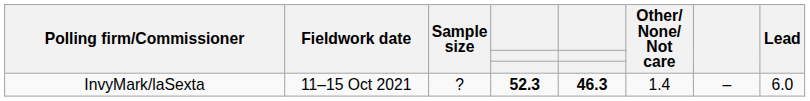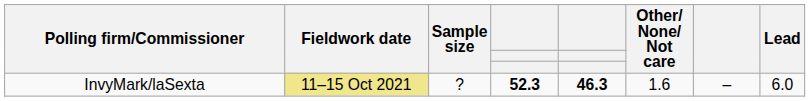 <table class="wikitable collapsible collapsed" style="text-align:center; font-size:90%; line-height:14px;">
 <tr style="height:42px;">
 <th style="width:250px;" rowspan="3">Polling firm/Commissioner</th>
 <th style="width:125px;" rowspan="3">Fieldwork date</th>
 <th style="width:50px;" rowspan="3">Sample size</th>
 <th style="width:55px;"></th>
 <th style="width:55px;"></th>
 <th style="width:55px;" rowspan="3">Other/<br>None/<br>Not<br>care</th>
 <th style="width:55px;" rowspan="3"></th>
 <th style="width:30px;" rowspan="3">Lead</th>
 </tr>
 <tr>
 <th style="color:inherit;background:"></th>
 <th style="color:inherit;background:"></th>
 </tr>
 <tr>
 <th></th>
 <th></th>
 </tr>
 <tr>
 <td>InvyMark/laSexta</td>
-<td>11–15 Oct 2021</td>
+<td style="background: khaki;">11–15 Oct 2021</td>
 <td>?</td>
 <td><strong>52.3</strong></td>
 <td><strong>46.3</strong></td>
-<td>1.4</td>
+<td>1.6</td>
 <td>–</td>
 <td style="background:">6.0</td>
 </tr>
 </table>
